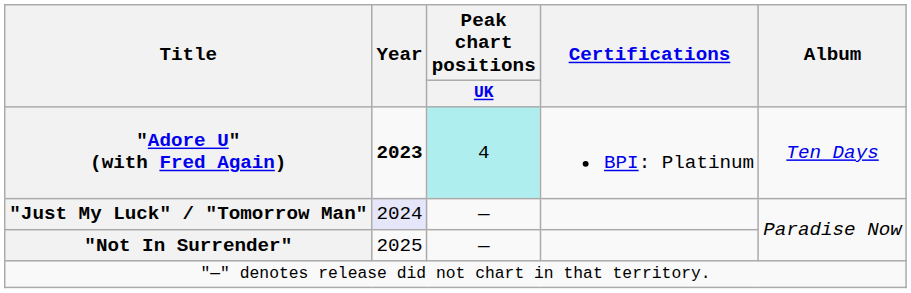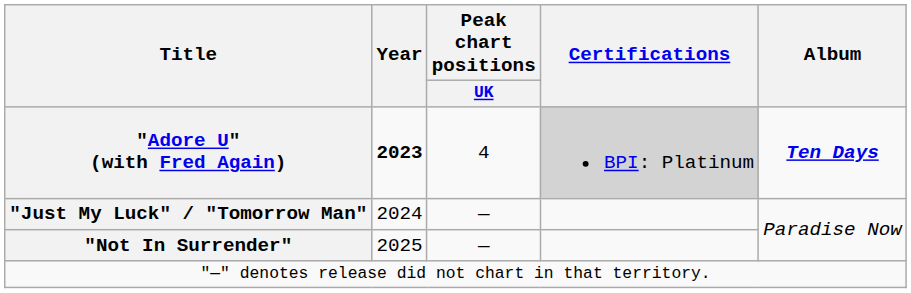 <table class="wikitable plainrowheaders" style="text-align:center;">
 <tr>
 <th scope="col" rowspan="2">Title</th>
 <th scope="col" rowspan="2">Year</th>
 <th scope="col" colspan="1">Peak chart positions</th>
 <th scope="col" rowspan="2"><a href='#'>Certifications</a></th>
 <th scope="col" rowspan="2">Album</th>
 </tr>
 <tr>
 <th scope="col" style="width:3em;font-size:85%"><a href='#'>UK</a><br></th>
 </tr>
 <tr>
 <th scope="row">"<a href='#'>Adore U</a>"<br><span>(with <a href='#'>Fred Again</a>)</span></th>
 <td><strong>2023</strong></td>
-<td style="background: paleturquoise;">4</td>
-<td><br><ul><li><a href='#'>BPI</a>: Platinum</li></ul></td>
-<td><em><a href='#'>Ten Days</a></em></td>
+<td>4</td>
+<td style="background: lightgrey;"><br><ul><li><a href='#'>BPI</a>: Platinum</li></ul></td>
+<td><strong><em><a href='#'>Ten Days</a></em></strong></td>
 </tr>
 <tr>
 <th scope="row">"Just My Luck" / "Tomorrow Man"</th>
-<td style="background: lavender;">2024</td>
+<td>2024</td>
 <td>—</td>
 <td></td>
 <td rowspan="2"><em>Paradise Now</em></td>
 </tr>
 <tr>
 <th scope="row">"Not In Surrender"</th>
 <td>2025</td>
 <td>—</td>
 <td></td>
 </tr>
 <tr>
 <td colspan="5" style="font-size:85%">"—" denotes release did not chart in that territory.</td>
 </tr>
 </table>
